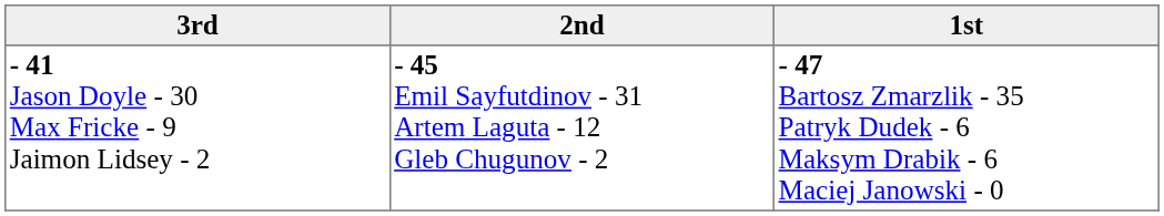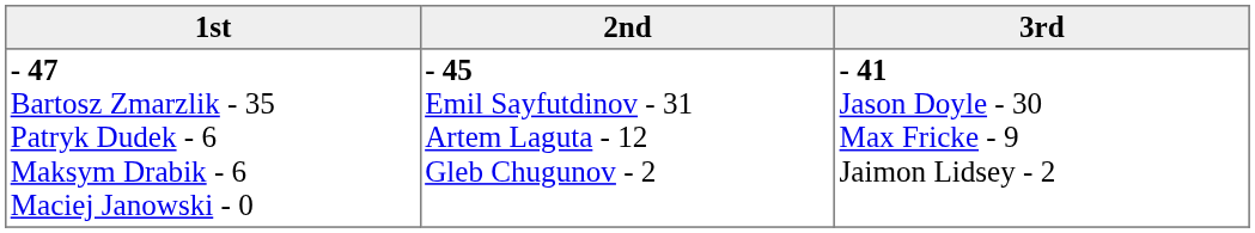 <table border="1" cellpadding="2" cellspacing="0"  style="width:75%; border-collapse:collapse;">
 <tr style="text-align:left; background:#efefef;">
+<th width=15% align=center >1st</th>
+<th width=15% align=center >2nd</th>
 <th width=15% align=center >3rd</th>
-<th width=15% align=center >2nd</th>
-<th width=15% align=center >1st</th>
 </tr>
 <tr align=left>
+<td valign=top align=left ><strong> - 47</strong><br><a href='#'>Bartosz Zmarzlik</a> - 35<br><a href='#'>Patryk Dudek</a> - 6<br><a href='#'>Maksym Drabik</a> - 6<br><a href='#'>Maciej Janowski</a> - 0</td>
+<td valign=top align=left ><strong> - 45</strong><br><a href='#'>Emil Sayfutdinov</a> - 31<br><a href='#'>Artem Laguta</a> - 12<br><a href='#'>Gleb Chugunov</a> - 2</td>
 <td valign=top align=left ><strong> - 41</strong><br><a href='#'>Jason Doyle</a> - 30<br><a href='#'>Max Fricke</a> - 9<br>Jaimon Lidsey - 2</td>
-<td valign=top align=left ><strong> - 45</strong><br><a href='#'>Emil Sayfutdinov</a> - 31<br><a href='#'>Artem Laguta</a> - 12<br><a href='#'>Gleb Chugunov</a> - 2</td>
-<td valign=top align=left ><strong> - 47</strong><br><a href='#'>Bartosz Zmarzlik</a> - 35<br><a href='#'>Patryk Dudek</a> - 6<br><a href='#'>Maksym Drabik</a> - 6<br><a href='#'>Maciej Janowski</a> - 0</td>
 </tr>
 </table>
